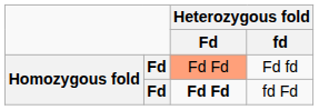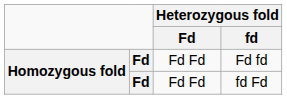 <table class="wikitable" style="text-align: center; ">
 <tr>
 <td colspan="2" rowspan="2"></td>
 <th colspan="2">Heterozygous fold</th>
 </tr>
 <tr>
 <th>Fd</th>
 <th>fd</th>
 </tr>
 <tr>
 <th rowspan="2">Homozygous fold</th>
 <th>Fd</th>
-<td style="background: lightsalmon;">Fd Fd</td>
+<td>Fd Fd</td>
 <td>Fd fd</td>
 </tr>
 <tr>
 <th>Fd</th>
-<td><strong>Fd Fd</strong></td>
+<td>Fd Fd</td>
 <td>fd Fd</td>
 </tr>
 </table>
